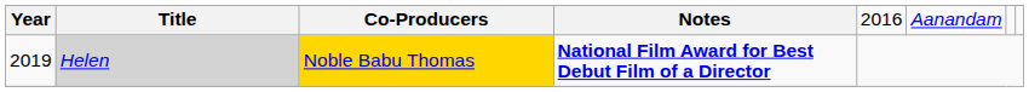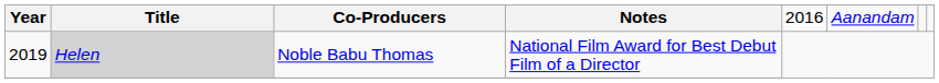 <table class="wikitable sortable">
 <tr>
 <th rowspan="2" scope="col" style="width:35px;">Year</th>
 <th rowspan="2" scope="col" style="width:250px;">Title</th>
 <th rowspan="2" scope="col" style="width:250px;">Co-Producers</th>
 <th rowspan="2" scope="col" style="text-align:center; width:310px;" class="unsortable">Notes</th>
 </tr>
 <tr>
 <td>2016</td>
 <td><em><a href='#'>Aanandam</a></em></td>
 <td></td>
 <td></td>
 </tr>
 <tr>
 <td>2019</td>
 <td style="background: lightgrey;"><em><a href='#'>Helen</a></em></td>
-<td style="background: gold;"><a href='#'>Noble Babu Thomas</a></td>
-<td><strong><a href='#'>National Film Award for Best Debut Film of a Director</a></strong></td>
+<td><a href='#'>Noble Babu Thomas</a></td>
+<td><a href='#'>National Film Award for Best Debut Film of a Director</a></td>
 </tr>
 <tr>
 </tr>
 </table>
